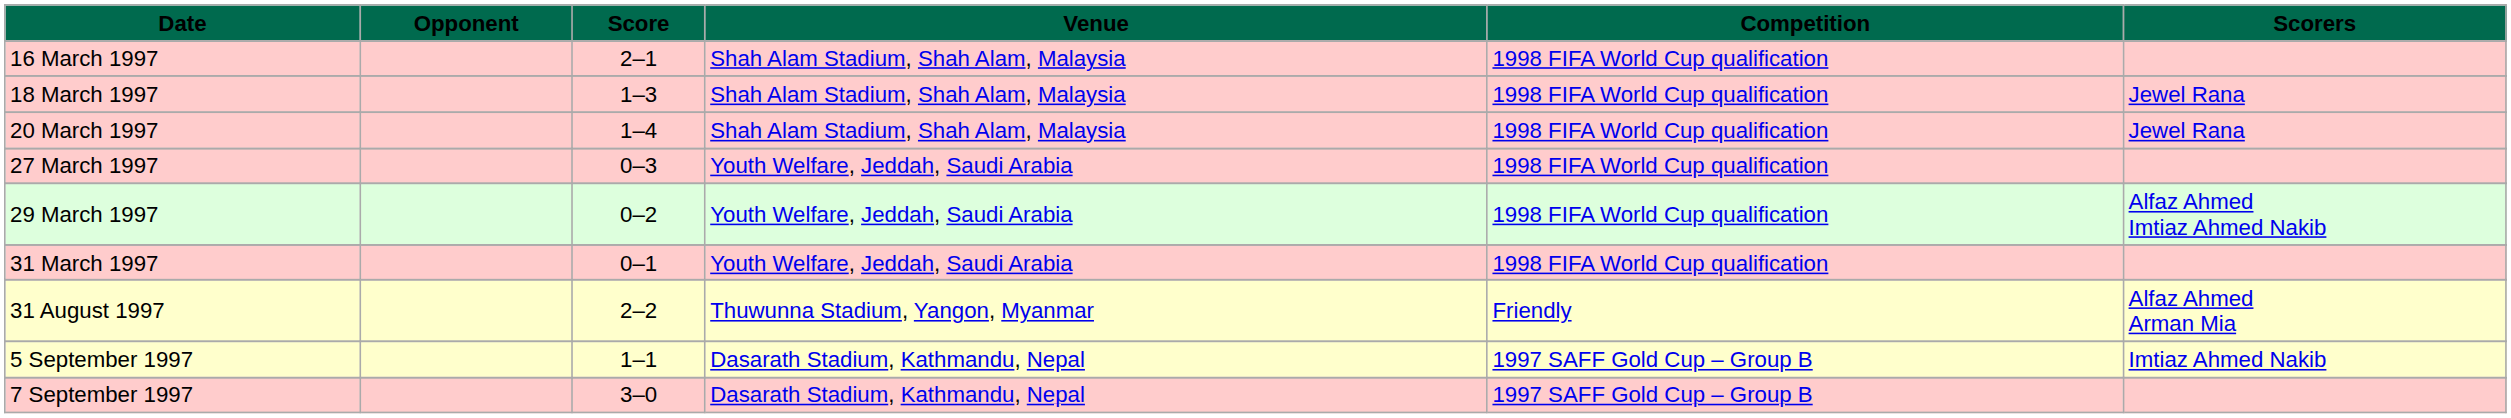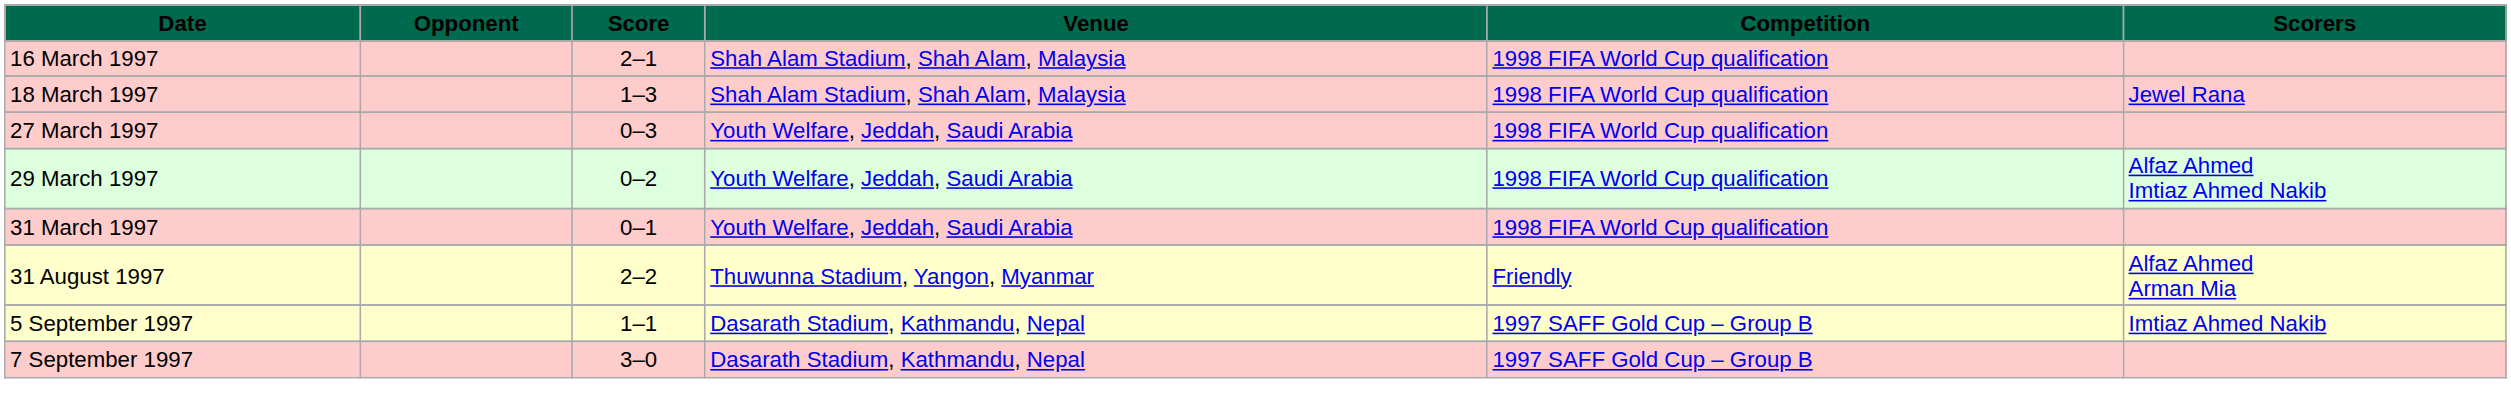 <table class="wikitable" width=100% style="text-align:left;font-size:88%;">
 <tr>
 <th style="background:#006a4e;"><span>Date</span></th>
 <th style="background:#006a4e;"><span>Opponent</span></th>
 <th style="background:#006a4e;"><span>Score</span></th>
 <th style="background:#006a4e;"><span>Venue</span></th>
 <th style="background:#006a4e;"><span>Competition</span></th>
 <th style="background:#006a4e;"><span>Scorers</span></th>
 </tr>
 <tr>
 </tr>
 <tr style="background:#fcc;">
 <td>16 March 1997</td>
 <td></td>
 <td style="text-align: center">2–1</td>
 <td> <a href='#'>Shah Alam Stadium</a>, <a href='#'>Shah Alam</a>, <a href='#'>Malaysia</a></td>
 <td><a href='#'>1998 FIFA World Cup qualification</a></td>
 <td></td>
 </tr>
 <tr>
 </tr>
 <tr style="background:#fcc;">
 <td>18 March 1997</td>
 <td></td>
 <td style="text-align: center">1–3</td>
 <td> <a href='#'>Shah Alam Stadium</a>, <a href='#'>Shah Alam</a>, <a href='#'>Malaysia</a></td>
 <td><a href='#'>1998 FIFA World Cup qualification</a></td>
 <td><a href='#'>Jewel Rana</a> </td>
 </tr>
 <tr>
-</tr>
-<tr style="background:#fcc;">
-<td>20 March 1997</td>
-<td></td>
-<td style="text-align: center">1–4</td>
-<td> <a href='#'>Shah Alam Stadium</a>, <a href='#'>Shah Alam</a>, <a href='#'>Malaysia</a></td>
-<td><a href='#'>1998 FIFA World Cup qualification</a></td>
-<td><a href='#'>Jewel Rana</a> </td>
 </tr>
 <tr>
 </tr>
 <tr style="background:#fcc;">
 <td>27 March 1997</td>
 <td></td>
 <td style="text-align: center">0–3</td>
 <td> <a href='#'>Youth Welfare</a>, <a href='#'>Jeddah</a>, <a href='#'>Saudi Arabia</a></td>
 <td><a href='#'>1998 FIFA World Cup qualification</a></td>
 <td></td>
 </tr>
 <tr>
 </tr>
 <tr style="background:#dfd;">
 <td>29 March 1997</td>
 <td></td>
 <td style="text-align: center">0–2</td>
 <td> <a href='#'>Youth Welfare</a>, <a href='#'>Jeddah</a>, <a href='#'>Saudi Arabia</a></td>
 <td><a href='#'>1998 FIFA World Cup qualification</a></td>
 <td><a href='#'>Alfaz Ahmed</a>  <br> <a href='#'>Imtiaz Ahmed Nakib</a> </td>
 </tr>
 <tr>
 </tr>
 <tr style="background:#fcc;">
 <td>31 March 1997</td>
 <td></td>
 <td style="text-align: center">0–1</td>
 <td> <a href='#'>Youth Welfare</a>, <a href='#'>Jeddah</a>, <a href='#'>Saudi Arabia</a></td>
 <td><a href='#'>1998 FIFA World Cup qualification</a></td>
 <td></td>
 </tr>
 <tr>
 </tr>
 <tr style="background:#ffc;">
 <td>31 August 1997</td>
 <td></td>
 <td style="text-align: center">2–2</td>
 <td> <a href='#'>Thuwunna Stadium</a>, <a href='#'>Yangon</a>, <a href='#'>Myanmar</a></td>
 <td><a href='#'>Friendly</a></td>
 <td><a href='#'>Alfaz Ahmed</a>  <br> <a href='#'>Arman Mia</a> </td>
 </tr>
 <tr>
 </tr>
 <tr style="background:#ffc;">
 <td>5 September 1997</td>
 <td></td>
 <td style="text-align: center">1–1</td>
 <td> <a href='#'>Dasarath Stadium</a>, <a href='#'>Kathmandu</a>, <a href='#'>Nepal</a></td>
 <td><a href='#'>1997 SAFF Gold Cup – Group B</a></td>
 <td><a href='#'>Imtiaz Ahmed Nakib</a> </td>
 </tr>
 <tr>
 </tr>
 <tr style="background:#fcc;">
 <td>7 September 1997</td>
 <td></td>
 <td style="text-align: center">3–0</td>
 <td> <a href='#'>Dasarath Stadium</a>, <a href='#'>Kathmandu</a>, <a href='#'>Nepal</a></td>
 <td><a href='#'>1997 SAFF Gold Cup – Group B</a></td>
 <td></td>
 </tr>
 </table>
